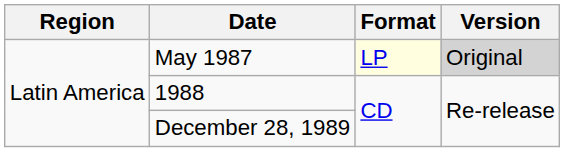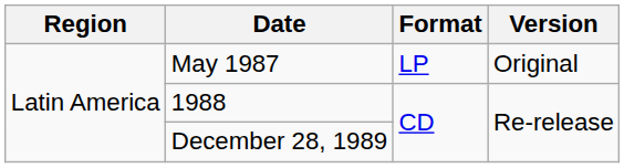 <table class="wikitable">
 <tr>
 <th>Region</th>
 <th>Date</th>
 <th>Format</th>
 <th>Version</th>
 </tr>
 <tr>
 <td rowspan="3">Latin America</td>
 <td>May 1987</td>
-<td style="background: lightyellow;"><a href='#'>LP</a></td>
-<td style="background: lightgrey;">Original</td>
+<td><a href='#'>LP</a></td>
+<td>Original</td>
 </tr>
 <tr>
 <td>1988</td>
 <td rowspan="2"><a href='#'>CD</a></td>
 <td rowspan="2">Re-release</td>
 </tr>
 <tr>
 <td>December 28, 1989</td>
 </tr>
 </table>
